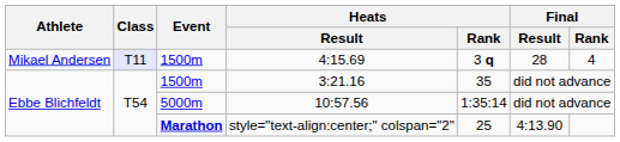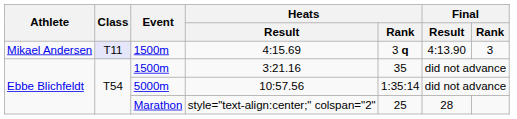 <table class=wikitable style="font-size:90%">
 <tr>
 <th rowspan="2">Athlete</th>
 <th rowspan="2">Class</th>
 <th rowspan="2">Event</th>
 <th colspan="2">Heats</th>
 <th colspan="3">Final</th>
 </tr>
 <tr>
 <th>Result</th>
 <th>Rank</th>
 <th>Result</th>
 <th>Rank</th>
 </tr>
 <tr>
 <td><a href='#'>Mikael Andersen</a></td>
 <td style="background: lavender; text-align:center;">T11</td>
 <td><a href='#'>1500m</a></td>
 <td style="text-align:center;">4:15.69</td>
 <td style="text-align:center;">3 <strong>q</strong></td>
-<td style="text-align:center;">28</td>
-<td style="text-align:center;">4</td>
+<td style="text-align:center;">4:13.90</td>
+<td style="text-align:center;">3</td>
 </tr>
 <tr>
 <td rowspan="3"><a href='#'>Ebbe Blichfeldt</a></td>
 <td rowspan="3" style="text-align:center;">T54</td>
 <td><a href='#'>1500m</a></td>
 <td style="text-align:center;">3:21.16</td>
 <td style="text-align:center;">35</td>
 <td style="text-align:center;" colspan="2">did not advance</td>
 </tr>
 <tr>
 <td><a href='#'>5000m</a></td>
 <td style="text-align:center;">10:57.56</td>
 <td style="text-align:center;">1:35:14</td>
 <td style="text-align:center;" colspan="2">did not advance</td>
 </tr>
 <tr>
-<td><strong><a href='#'>Marathon</a></strong></td>
+<td><a href='#'>Marathon</a></td>
 <td>style="text-align:center;" colspan="2" </td>
 <td style="text-align:center;">25</td>
-<td style="text-align:center;">4:13.90</td>
+<td style="text-align:center;">28</td>
 </tr>
 </table>
